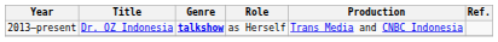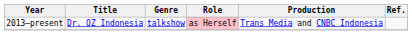 <table class="wikitable" style="font-size: 95%;">
 <tr>
 <th>Year</th>
 <th>Title</th>
 <th>Genre</th>
 <th>Role</th>
 <th>Production</th>
 <th>Ref.</th>
 </tr>
 <tr>
 <td>2013–present</td>
 <td><a href='#'>Dr. OZ Indonesia</a></td>
-<td><strong><a href='#'>talkshow</a></strong></td>
-<td>as Herself</td>
+<td><a href='#'>talkshow</a></td>
+<td style="background: pink;">as Herself</td>
 <td><a href='#'>Trans Media</a> and <a href='#'>CNBC Indonesia</a></td>
 <td></td>
 </tr>
 <tr>
 </tr>
 </table>
